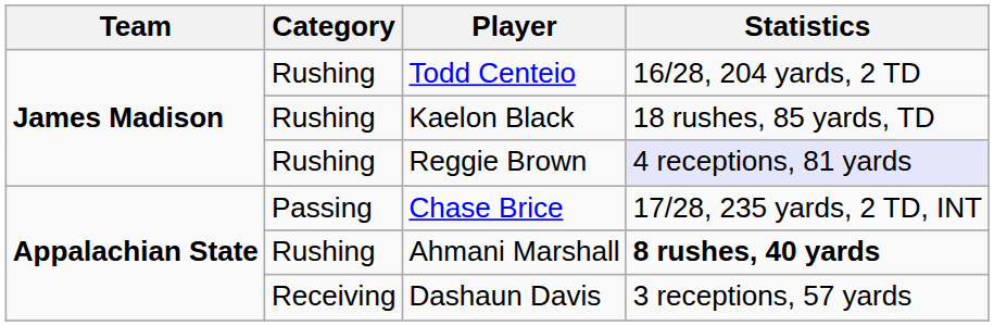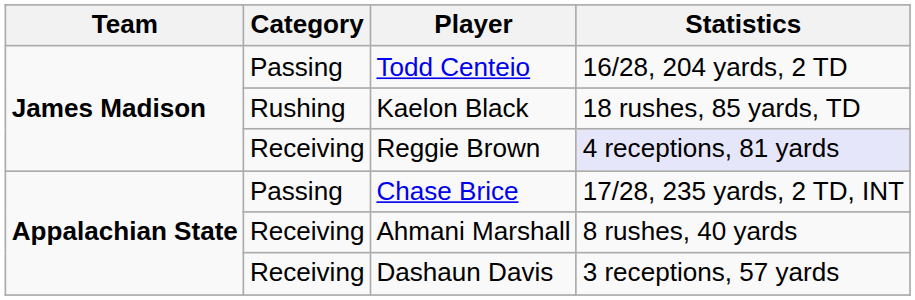 <table class="wikitable" style="float: right;">
 <tr>
 <th>Team</th>
 <th>Category</th>
 <th>Player</th>
 <th>Statistics</th>
 </tr>
 <tr>
 <td rowspan=3><strong>James Madison</strong></td>
-<td>Rushing</td>
+<td>Passing</td>
 <td><a href='#'>Todd Centeio</a></td>
 <td>16/28, 204 yards, 2 TD</td>
 </tr>
 <tr>
 <td>Rushing</td>
 <td>Kaelon Black</td>
 <td>18 rushes, 85 yards, TD</td>
 </tr>
 <tr>
-<td>Rushing</td>
+<td>Receiving</td>
 <td>Reggie Brown</td>
 <td style="background: lavender;">4 receptions, 81 yards</td>
 </tr>
 <tr>
 <td rowspan=3><strong>Appalachian State</strong></td>
 <td>Passing</td>
 <td><a href='#'>Chase Brice</a></td>
 <td>17/28, 235 yards, 2 TD, INT</td>
 </tr>
 <tr>
-<td>Rushing</td>
+<td>Receiving</td>
 <td>Ahmani Marshall</td>
-<td><strong>8 rushes, 40 yards</strong></td>
+<td>8 rushes, 40 yards</td>
 </tr>
 <tr>
 <td>Receiving</td>
 <td>Dashaun Davis</td>
 <td>3 receptions, 57 yards</td>
 </tr>
 </table>
